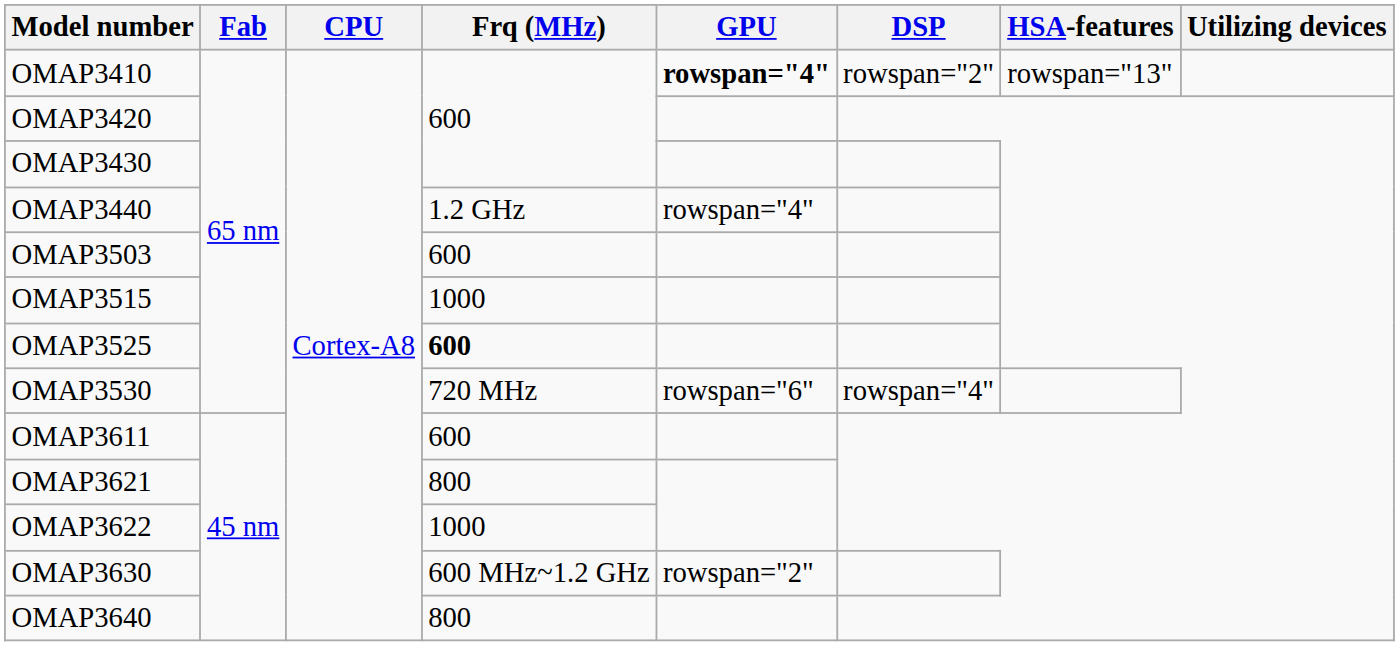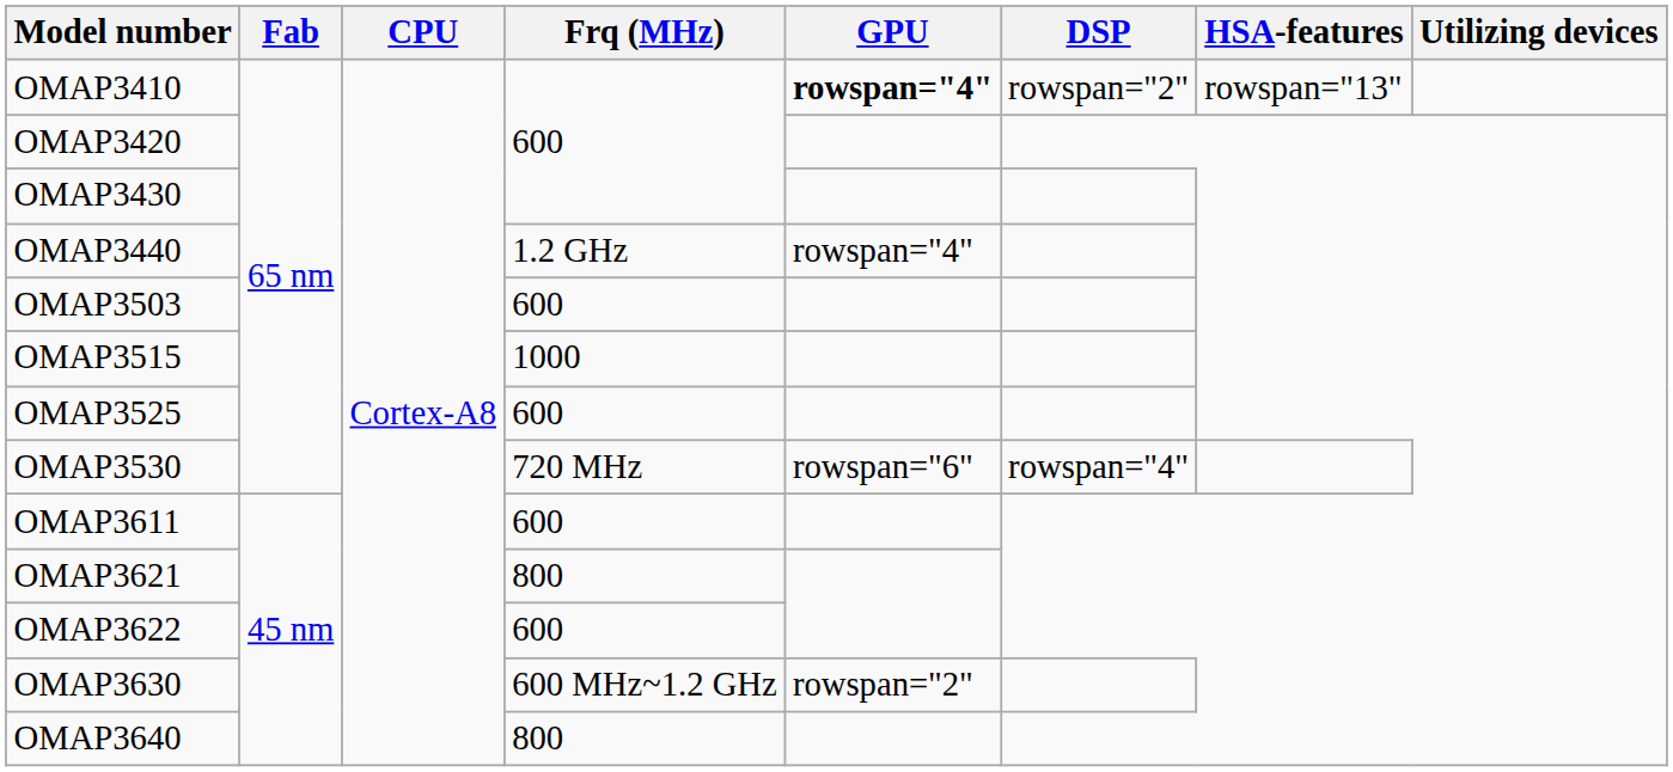 <table class="wikitable">
 <tr>
 <th>Model number</th>
 <th><a href='#'>Fab</a></th>
 <th><a href='#'>CPU</a></th>
 <th>Frq (<a href='#'>MHz</a>)</th>
 <th><a href='#'>GPU</a></th>
 <th><a href='#'>DSP</a></th>
 <th><a href='#'>HSA</a>-features</th>
 <th>Utilizing devices</th>
 </tr>
 <tr>
 <td>OMAP3410</td>
 <td rowspan="8"><a href='#'>65 nm</a></td>
 <td rowspan="13"><a href='#'>Cortex-A8</a></td>
 <td rowspan="3">600</td>
 <td><strong>rowspan="4"  </strong></td>
 <td>rowspan="2"  </td>
 <td>rowspan="13" </td>
 <td></td>
 </tr>
 <tr>
 <td>OMAP3420</td>
 <td></td>
 </tr>
 <tr>
 <td>OMAP3430</td>
 <td></td>
 <td></td>
 </tr>
 <tr>
 <td>OMAP3440</td>
 <td>1.2 GHz</td>
 <td>rowspan="4"  </td>
 <td></td>
 </tr>
 <tr>
 <td>OMAP3503</td>
 <td>600</td>
 <td></td>
 <td></td>
 </tr>
 <tr>
 <td>OMAP3515</td>
 <td>1000</td>
 <td></td>
 <td></td>
 </tr>
 <tr>
 <td>OMAP3525</td>
-<td><strong>600</strong></td>
+<td>600</td>
 <td></td>
 <td></td>
 </tr>
 <tr>
 <td>OMAP3530</td>
 <td>720 MHz</td>
 <td>rowspan="6" </td>
 <td>rowspan="4" </td>
 <td></td>
 </tr>
 <tr>
 <td>OMAP3611</td>
 <td rowspan="5"><a href='#'>45 nm</a></td>
 <td>600</td>
 <td></td>
 </tr>
 <tr>
 <td>OMAP3621</td>
 <td>800</td>
 <td rowspan=2></td>
 </tr>
 <tr>
 <td>OMAP3622</td>
-<td>1000</td>
+<td>600</td>
 </tr>
 <tr>
 <td>OMAP3630</td>
 <td>600 MHz~1.2 GHz</td>
 <td>rowspan="2"  </td>
 <td></td>
 </tr>
 <tr>
 <td>OMAP3640</td>
 <td>800</td>
 <td></td>
 </tr>
 </table>
